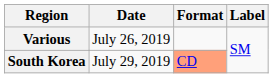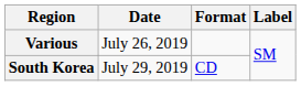 <table class="wikitable plainrowheaders">
 <tr>
 <th>Region</th>
 <th>Date</th>
 <th>Format</th>
 <th>Label</th>
 </tr>
 <tr>
 <th scope="row">Various</th>
 <td rowspan="2">July 26, 2019</td>
 <td rowspan="2"></td>
 <td rowspan="3"><a href='#'>SM</a></td>
 </tr>
 <tr>
 <th scope="row" rowspan="2">South Korea</th>
 </tr>
 <tr>
 <td>July 29, 2019</td>
-<td style="background: lightsalmon;"><a href='#'>CD</a></td>
+<td><a href='#'>CD</a></td>
 </tr>
 </table>
